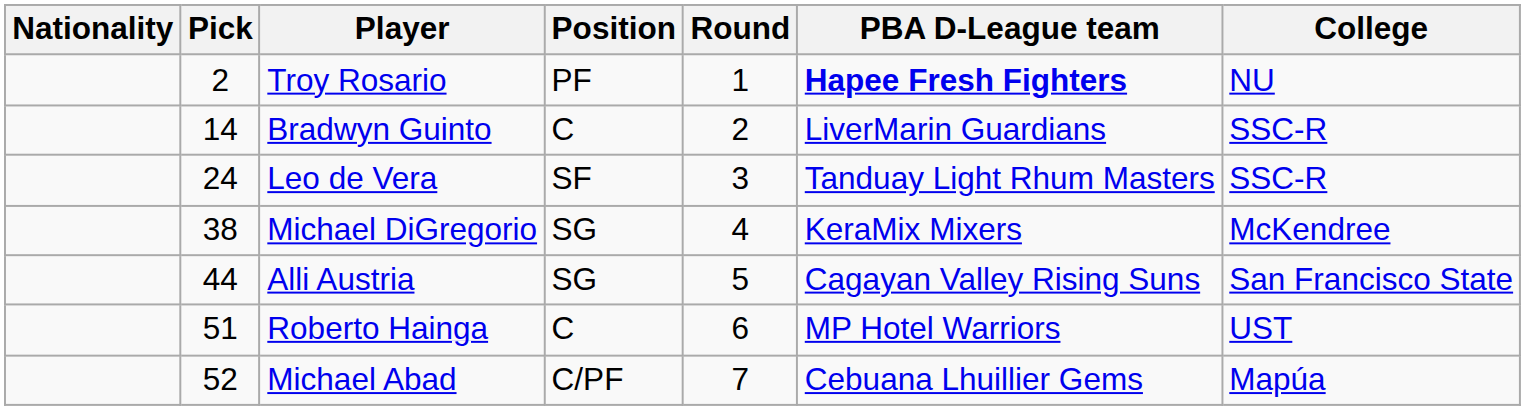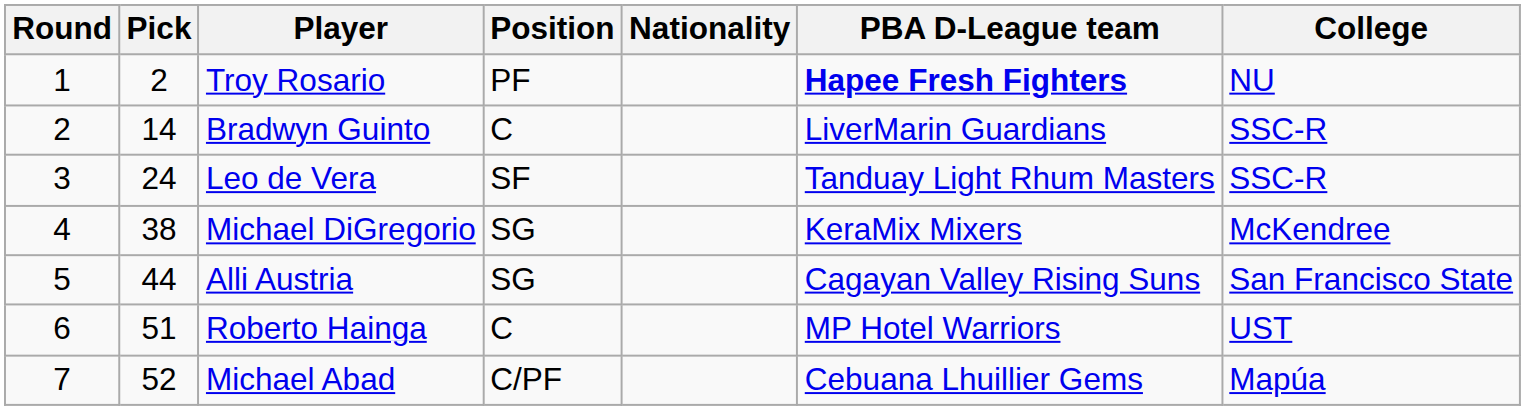 <table class="wikitable sortable sortable">
 <tr>
-<th>Nationality</th>
+<th>Round</th>
 <th>Pick</th>
 <th>Player</th>
 <th>Position</th>
-<th>Round</th>
+<th>Nationality</th>
 <th>PBA D-League team</th>
 <th>College</th>
 </tr>
 <tr>
-<td></td>
+<td align=center>1</td>
 <td align=center>2</td>
 <td><a href='#'>Troy Rosario</a></td>
 <td>PF</td>
-<td align=center>1</td>
+<td></td>
 <td><strong><a href='#'>Hapee Fresh Fighters</a></strong></td>
 <td><a href='#'>NU</a></td>
 </tr>
 <tr>
-<td></td>
+<td align=center>2</td>
 <td align=center>14</td>
 <td><a href='#'>Bradwyn Guinto</a></td>
 <td>C</td>
-<td align=center>2</td>
+<td></td>
 <td><a href='#'>LiverMarin Guardians</a></td>
 <td><a href='#'>SSC-R</a></td>
 </tr>
 <tr>
-<td></td>
+<td align=center>3</td>
 <td align=center>24</td>
 <td><a href='#'>Leo de Vera</a></td>
 <td>SF</td>
-<td align=center>3</td>
+<td></td>
 <td><a href='#'>Tanduay Light Rhum Masters</a></td>
 <td><a href='#'>SSC-R</a></td>
 </tr>
 <tr>
-<td></td>
+<td align=center>4</td>
 <td align=center>38</td>
 <td><a href='#'>Michael DiGregorio</a></td>
 <td>SG</td>
-<td align=center>4</td>
+<td></td>
 <td><a href='#'>KeraMix Mixers</a></td>
 <td><a href='#'>McKendree</a></td>
 </tr>
 <tr>
-<td></td>
+<td align=center>5</td>
 <td align=center>44</td>
 <td><a href='#'>Alli Austria</a></td>
 <td>SG</td>
-<td align=center>5</td>
+<td></td>
 <td><a href='#'>Cagayan Valley Rising Suns</a></td>
 <td><a href='#'>San Francisco State</a></td>
 </tr>
 <tr>
-<td></td>
+<td align=center>6</td>
 <td align=center>51</td>
 <td><a href='#'>Roberto Hainga</a></td>
 <td>C</td>
-<td align=center>6</td>
+<td></td>
 <td><a href='#'>MP Hotel Warriors</a></td>
 <td><a href='#'>UST</a></td>
 </tr>
 <tr>
-<td></td>
+<td align=center>7</td>
 <td align=center>52</td>
 <td><a href='#'>Michael Abad</a></td>
 <td>C/PF</td>
-<td align=center>7</td>
+<td></td>
 <td><a href='#'>Cebuana Lhuillier Gems</a></td>
 <td><a href='#'>Mapúa</a></td>
 </tr>
 </table>
